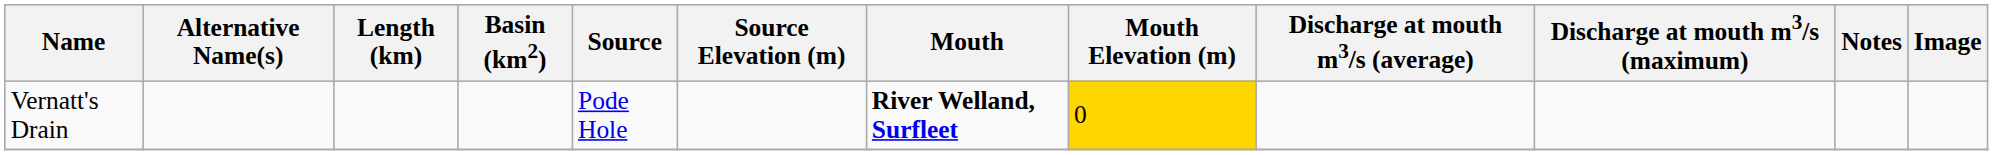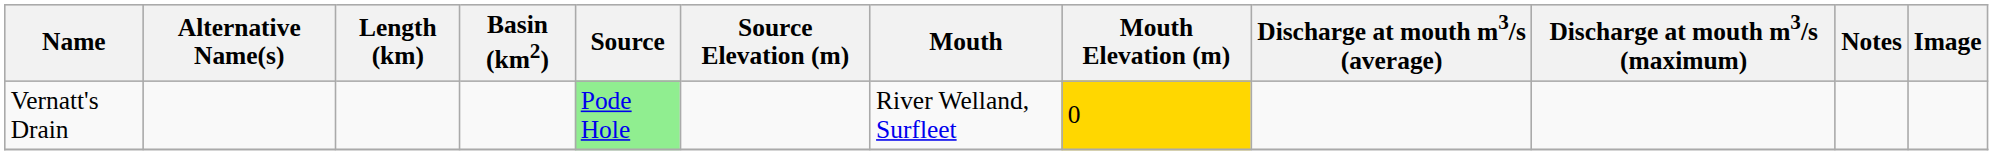 <table class="wikitable sortable">
 <tr>
 <th>Name</th>
 <th>Alternative Name(s)</th>
 <th>Length (km)</th>
 <th>Basin (km<sup>2</sup>)</th>
 <th>Source</th>
 <th>Source Elevation (m)</th>
 <th>Mouth</th>
 <th>Mouth Elevation (m)</th>
 <th>Discharge at mouth m<sup>3</sup>/s (average)</th>
 <th class="unsortable">Discharge at mouth m<sup>3</sup>/s (maximum)</th>
 <th>Notes</th>
 <th class="unsortable">Image</th>
 </tr>
 <tr>
 <td>Vernatt's Drain</td>
 <td></td>
 <td></td>
 <td></td>
-<td><a href='#'>Pode Hole</a></td>
+<td style="background: lightgreen;"><a href='#'>Pode Hole</a></td>
 <td></td>
-<td><strong>River Welland, <a href='#'>Surfleet</a></strong></td>
+<td>River Welland, <a href='#'>Surfleet</a></td>
 <td style="background: gold;">0</td>
 <td></td>
 <td></td>
 <td></td>
 <td></td>
 </tr>
 <tr>
 </tr>
 </table>
